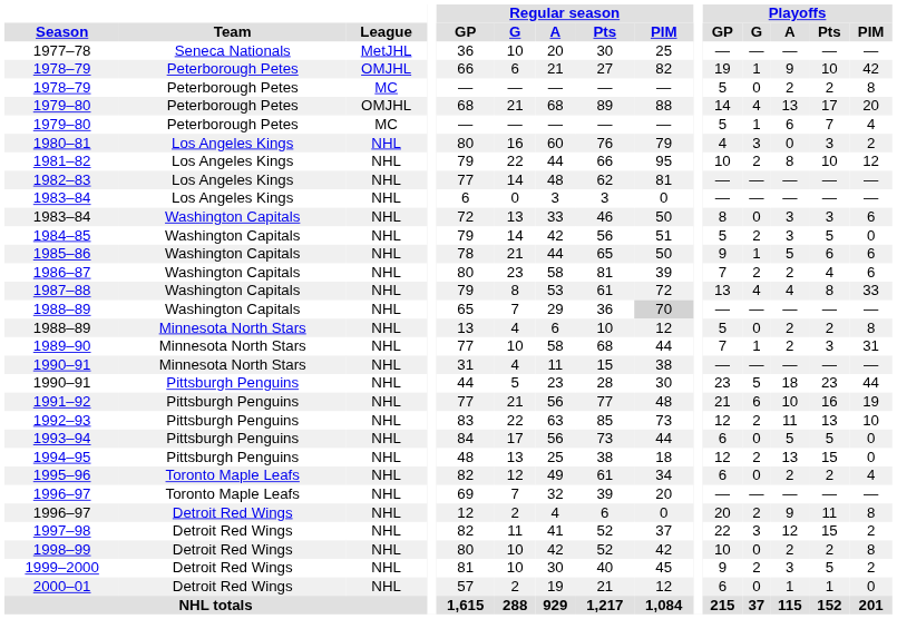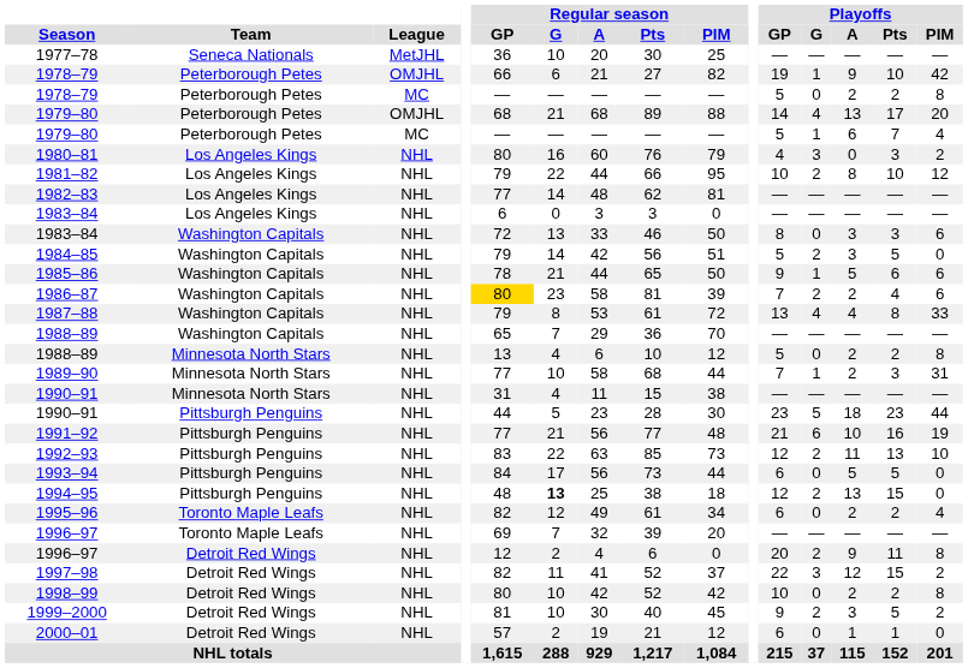 <table border="0" cellpadding="1" cellspacing="0" style="text-align:center; width:60em">
 <tr bgcolor="#e0e0e0">
 <th colspan="3" bgcolor="#ffffff"> </th>
 <th rowspan="99" bgcolor="#ffffff"> </th>
 <th colspan="5"><a href='#'>Regular season</a></th>
 <th rowspan="99" bgcolor="#ffffff"> </th>
 <th colspan="5"><a href='#'>Playoffs</a></th>
 </tr>
 <tr bgcolor="#e0e0e0">
 <th><a href='#'>Season</a></th>
 <th>Team</th>
 <th>League</th>
 <th>GP</th>
 <th><a href='#'>G</a></th>
 <th><a href='#'>A</a></th>
 <th><a href='#'>Pts</a></th>
 <th><a href='#'>PIM</a></th>
 <th>GP</th>
 <th>G</th>
 <th>A</th>
 <th>Pts</th>
 <th>PIM</th>
 </tr>
 <tr>
 <td>1977–78</td>
 <td><a href='#'>Seneca Nationals</a></td>
 <td><a href='#'>MetJHL</a></td>
 <td>36</td>
 <td>10</td>
 <td>20</td>
 <td>30</td>
 <td>25</td>
 <td>—</td>
 <td>—</td>
 <td>—</td>
 <td>—</td>
 <td>—</td>
 </tr>
 <tr bgcolor="#f0f0f0">
 <td><a href='#'>1978–79</a></td>
 <td><a href='#'>Peterborough Petes</a></td>
 <td><a href='#'>OMJHL</a></td>
 <td>66</td>
 <td>6</td>
 <td>21</td>
 <td>27</td>
 <td>82</td>
 <td>19</td>
 <td>1</td>
 <td>9</td>
 <td>10</td>
 <td>42</td>
 </tr>
 <tr>
 <td><a href='#'>1978–79</a></td>
 <td>Peterborough Petes</td>
 <td><a href='#'>MC</a></td>
 <td>—</td>
 <td>—</td>
 <td>—</td>
 <td>—</td>
 <td>—</td>
 <td>5</td>
 <td>0</td>
 <td>2</td>
 <td>2</td>
 <td>8</td>
 </tr>
 <tr bgcolor="#f0f0f0">
 <td><a href='#'>1979–80</a></td>
 <td>Peterborough Petes</td>
 <td>OMJHL</td>
 <td>68</td>
 <td>21</td>
 <td>68</td>
 <td>89</td>
 <td>88</td>
 <td>14</td>
 <td>4</td>
 <td>13</td>
 <td>17</td>
 <td>20</td>
 </tr>
 <tr>
 <td><a href='#'>1979–80</a></td>
 <td>Peterborough Petes</td>
 <td>MC</td>
 <td>—</td>
 <td>—</td>
 <td>—</td>
 <td>—</td>
 <td>—</td>
 <td>5</td>
 <td>1</td>
 <td>6</td>
 <td>7</td>
 <td>4</td>
 </tr>
 <tr bgcolor="#f0f0f0">
 <td><a href='#'>1980–81</a></td>
 <td><a href='#'>Los Angeles Kings</a></td>
 <td><a href='#'>NHL</a></td>
 <td>80</td>
 <td>16</td>
 <td>60</td>
 <td>76</td>
 <td>79</td>
 <td>4</td>
 <td>3</td>
 <td>0</td>
 <td>3</td>
 <td>2</td>
 </tr>
 <tr>
 <td><a href='#'>1981–82</a></td>
 <td>Los Angeles Kings</td>
 <td>NHL</td>
 <td>79</td>
 <td>22</td>
 <td>44</td>
 <td>66</td>
 <td>95</td>
 <td>10</td>
 <td>2</td>
 <td>8</td>
 <td>10</td>
 <td>12</td>
 </tr>
 <tr bgcolor="#f0f0f0">
 <td><a href='#'>1982–83</a></td>
 <td>Los Angeles Kings</td>
 <td>NHL</td>
 <td>77</td>
 <td>14</td>
 <td>48</td>
 <td>62</td>
 <td>81</td>
 <td>—</td>
 <td>—</td>
 <td>—</td>
 <td>—</td>
 <td>—</td>
 </tr>
 <tr>
 <td><a href='#'>1983–84</a></td>
 <td>Los Angeles Kings</td>
 <td>NHL</td>
 <td>6</td>
 <td>0</td>
 <td>3</td>
 <td>3</td>
 <td>0</td>
 <td>—</td>
 <td>—</td>
 <td>—</td>
 <td>—</td>
 <td>—</td>
 </tr>
 <tr bgcolor="#f0f0f0">
 <td>1983–84</td>
 <td><a href='#'>Washington Capitals</a></td>
 <td>NHL</td>
 <td>72</td>
 <td>13</td>
 <td>33</td>
 <td>46</td>
 <td>50</td>
 <td>8</td>
 <td>0</td>
 <td>3</td>
 <td>3</td>
 <td>6</td>
 </tr>
 <tr>
 <td><a href='#'>1984–85</a></td>
 <td>Washington Capitals</td>
 <td>NHL</td>
 <td>79</td>
 <td>14</td>
 <td>42</td>
 <td>56</td>
 <td>51</td>
 <td>5</td>
 <td>2</td>
 <td>3</td>
 <td>5</td>
 <td>0</td>
 </tr>
 <tr bgcolor="#f0f0f0">
 <td><a href='#'>1985–86</a></td>
 <td>Washington Capitals</td>
 <td>NHL</td>
 <td>78</td>
 <td>21</td>
 <td>44</td>
 <td>65</td>
 <td>50</td>
 <td>9</td>
 <td>1</td>
 <td>5</td>
 <td>6</td>
 <td>6</td>
 </tr>
 <tr>
 <td><a href='#'>1986–87</a></td>
 <td>Washington Capitals</td>
 <td>NHL</td>
-<td>80</td>
+<td style="background: gold;">80</td>
 <td>23</td>
 <td>58</td>
 <td>81</td>
 <td>39</td>
 <td>7</td>
 <td>2</td>
 <td>2</td>
 <td>4</td>
 <td>6</td>
 </tr>
 <tr bgcolor="#f0f0f0">
 <td><a href='#'>1987–88</a></td>
 <td>Washington Capitals</td>
 <td>NHL</td>
 <td>79</td>
 <td>8</td>
 <td>53</td>
 <td>61</td>
 <td>72</td>
 <td>13</td>
 <td>4</td>
 <td>4</td>
 <td>8</td>
 <td>33</td>
 </tr>
 <tr>
 <td><a href='#'>1988–89</a></td>
 <td>Washington Capitals</td>
 <td>NHL</td>
 <td>65</td>
 <td>7</td>
 <td>29</td>
 <td>36</td>
-<td style="background: lightgrey;">70</td>
+<td>70</td>
 <td>—</td>
 <td>—</td>
 <td>—</td>
 <td>—</td>
 <td>—</td>
 </tr>
 <tr bgcolor="#f0f0f0">
 <td>1988–89</td>
 <td><a href='#'>Minnesota North Stars</a></td>
 <td>NHL</td>
 <td>13</td>
 <td>4</td>
 <td>6</td>
 <td>10</td>
 <td>12</td>
 <td>5</td>
 <td>0</td>
 <td>2</td>
 <td>2</td>
 <td>8</td>
 </tr>
 <tr>
 <td><a href='#'>1989–90</a></td>
 <td>Minnesota North Stars</td>
 <td>NHL</td>
 <td>77</td>
 <td>10</td>
 <td>58</td>
 <td>68</td>
 <td>44</td>
 <td>7</td>
 <td>1</td>
 <td>2</td>
 <td>3</td>
 <td>31</td>
 </tr>
 <tr bgcolor="#f0f0f0">
 <td><a href='#'>1990–91</a></td>
 <td>Minnesota North Stars</td>
 <td>NHL</td>
 <td>31</td>
 <td>4</td>
 <td>11</td>
 <td>15</td>
 <td>38</td>
 <td>—</td>
 <td>—</td>
 <td>—</td>
 <td>—</td>
 <td>—</td>
 </tr>
 <tr>
 <td>1990–91</td>
 <td><a href='#'>Pittsburgh Penguins</a></td>
 <td>NHL</td>
 <td>44</td>
 <td>5</td>
 <td>23</td>
 <td>28</td>
 <td>30</td>
 <td>23</td>
 <td>5</td>
 <td>18</td>
 <td>23</td>
 <td>44</td>
 </tr>
 <tr bgcolor="#f0f0f0">
 <td><a href='#'>1991–92</a></td>
 <td>Pittsburgh Penguins</td>
 <td>NHL</td>
 <td>77</td>
 <td>21</td>
 <td>56</td>
 <td>77</td>
 <td>48</td>
 <td>21</td>
 <td>6</td>
 <td>10</td>
 <td>16</td>
 <td>19</td>
 </tr>
 <tr>
 <td><a href='#'>1992–93</a></td>
 <td>Pittsburgh Penguins</td>
 <td>NHL</td>
 <td>83</td>
 <td>22</td>
 <td>63</td>
 <td>85</td>
 <td>73</td>
 <td>12</td>
 <td>2</td>
 <td>11</td>
 <td>13</td>
 <td>10</td>
 </tr>
 <tr bgcolor="#f0f0f0">
 <td><a href='#'>1993–94</a></td>
 <td>Pittsburgh Penguins</td>
 <td>NHL</td>
 <td>84</td>
 <td>17</td>
 <td>56</td>
 <td>73</td>
 <td>44</td>
 <td>6</td>
 <td>0</td>
 <td>5</td>
 <td>5</td>
 <td>0</td>
 </tr>
 <tr>
 <td><a href='#'>1994–95</a></td>
 <td>Pittsburgh Penguins</td>
 <td>NHL</td>
 <td>48</td>
-<td>13</td>
+<td><strong>13</strong></td>
 <td>25</td>
 <td>38</td>
 <td>18</td>
 <td>12</td>
 <td>2</td>
 <td>13</td>
 <td>15</td>
 <td>0</td>
 </tr>
 <tr bgcolor="#f0f0f0">
 <td><a href='#'>1995–96</a></td>
 <td><a href='#'>Toronto Maple Leafs</a></td>
 <td>NHL</td>
 <td>82</td>
 <td>12</td>
 <td>49</td>
 <td>61</td>
 <td>34</td>
 <td>6</td>
 <td>0</td>
 <td>2</td>
 <td>2</td>
 <td>4</td>
 </tr>
 <tr>
 <td><a href='#'>1996–97</a></td>
 <td>Toronto Maple Leafs</td>
 <td>NHL</td>
 <td>69</td>
 <td>7</td>
 <td>32</td>
 <td>39</td>
 <td>20</td>
 <td>—</td>
 <td>—</td>
 <td>—</td>
 <td>—</td>
 <td>—</td>
 </tr>
 <tr bgcolor="#f0f0f0">
 <td>1996–97</td>
 <td><a href='#'>Detroit Red Wings</a></td>
 <td>NHL</td>
 <td>12</td>
 <td>2</td>
 <td>4</td>
 <td>6</td>
 <td>0</td>
 <td>20</td>
 <td>2</td>
 <td>9</td>
 <td>11</td>
 <td>8</td>
 </tr>
 <tr>
 <td><a href='#'>1997–98</a></td>
 <td>Detroit Red Wings</td>
 <td>NHL</td>
 <td>82</td>
 <td>11</td>
 <td>41</td>
 <td>52</td>
 <td>37</td>
 <td>22</td>
 <td>3</td>
 <td>12</td>
 <td>15</td>
 <td>2</td>
 </tr>
 <tr bgcolor="#f0f0f0">
 <td><a href='#'>1998–99</a></td>
 <td>Detroit Red Wings</td>
 <td>NHL</td>
 <td>80</td>
 <td>10</td>
 <td>42</td>
 <td>52</td>
 <td>42</td>
 <td>10</td>
 <td>0</td>
 <td>2</td>
 <td>2</td>
 <td>8</td>
 </tr>
 <tr>
 <td><a href='#'>1999–2000</a></td>
 <td>Detroit Red Wings</td>
 <td>NHL</td>
 <td>81</td>
 <td>10</td>
 <td>30</td>
 <td>40</td>
 <td>45</td>
 <td>9</td>
 <td>2</td>
 <td>3</td>
 <td>5</td>
 <td>2</td>
 </tr>
 <tr bgcolor="#f0f0f0">
 <td><a href='#'>2000–01</a></td>
 <td>Detroit Red Wings</td>
 <td>NHL</td>
 <td>57</td>
 <td>2</td>
 <td>19</td>
 <td>21</td>
 <td>12</td>
 <td>6</td>
 <td>0</td>
 <td>1</td>
 <td>1</td>
 <td>0</td>
 </tr>
 <tr bgcolor="#e0e0e0">
 <th colspan="3">NHL totals</th>
 <th>1,615</th>
 <th>288</th>
 <th>929</th>
 <th>1,217</th>
 <th>1,084</th>
 <th>215</th>
 <th>37</th>
 <th>115</th>
 <th>152</th>
 <th>201</th>
 </tr>
 </table>
